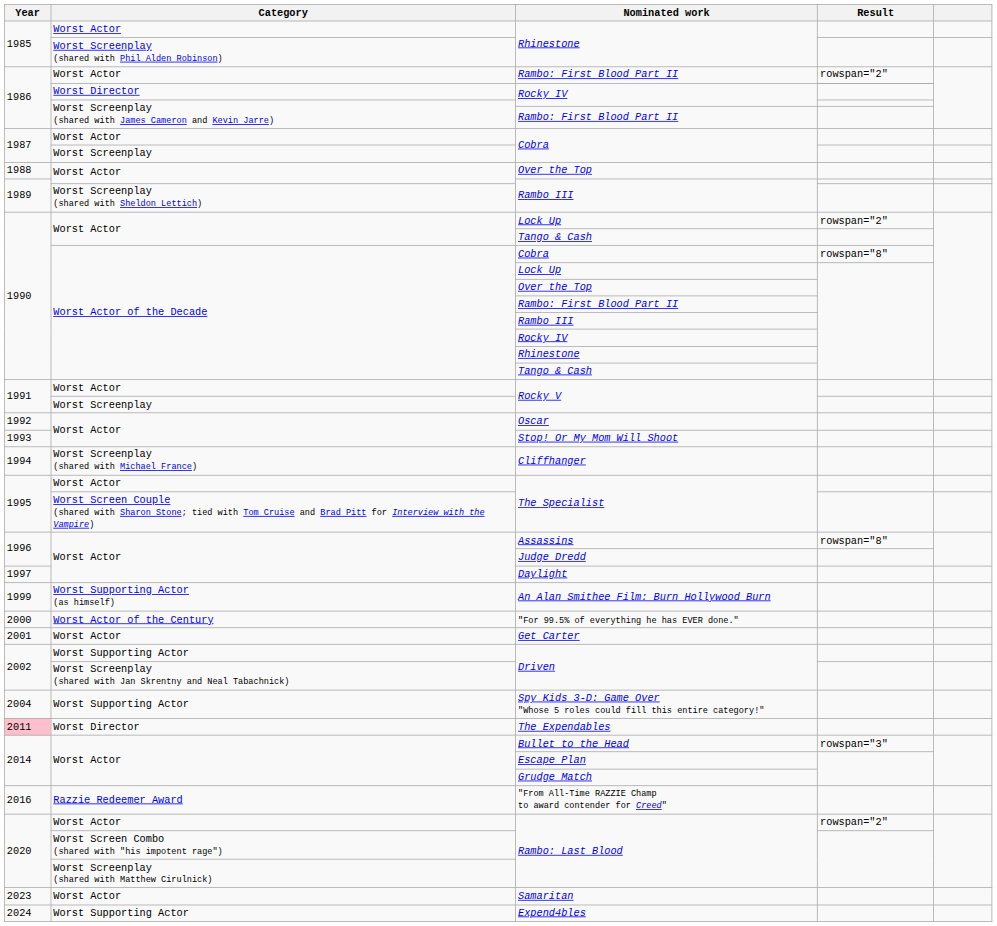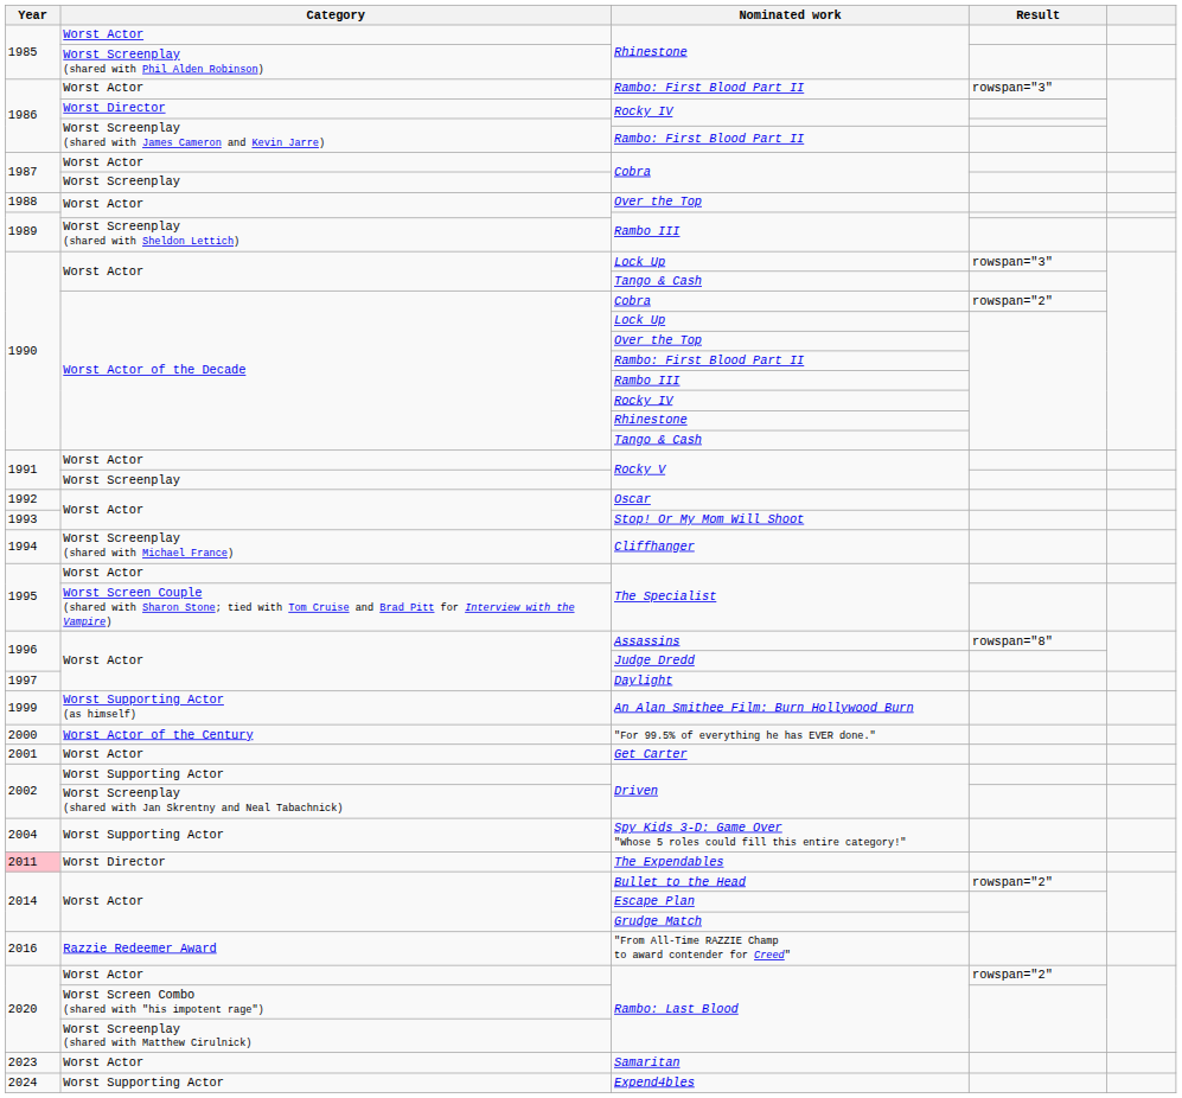 <table class=wikitable class="wikitable sortable">
 <tr>
 <th width=4%>Year</th>
 <th width=40%>Category</th>
 <th width=26%>Nominated work</th>
 <th width=10%>Result</th>
 <th width=5%></th>
 </tr>
 <tr>
 <td rowspan="2">1985</td>
 <td><a href='#'>Worst Actor</a></td>
 <td rowspan="2"><em><a href='#'>Rhinestone</a></em></td>
 <td></td>
 <td></td>
 </tr>
 <tr>
 <td><a href='#'>Worst Screenplay</a><br><small>(shared with <a href='#'>Phil Alden Robinson</a>)</small></td>
 <td></td>
 <td></td>
 </tr>
 <tr>
 <td rowspan="5">1986</td>
 <td rowspan="2">Worst Actor</td>
 <td><em><a href='#'>Rambo: First Blood Part II</a></em></td>
-<td>rowspan="2" </td>
+<td>rowspan="3" </td>
 <td rowspan="5"></td>
 </tr>
 <tr>
 <td rowspan="3"><em><a href='#'>Rocky IV</a></em></td>
 </tr>
 <tr>
 <td><a href='#'>Worst Director</a></td>
 <td></td>
 </tr>
 <tr>
 <td rowspan="2">Worst Screenplay<br><small>(shared with <a href='#'>James Cameron</a> and <a href='#'>Kevin Jarre</a>)</small></td>
 <td></td>
 </tr>
 <tr>
 <td><em><a href='#'>Rambo: First Blood Part II</a></em></td>
 <td></td>
 </tr>
 <tr>
 <td rowspan="2">1987</td>
 <td>Worst Actor</td>
 <td rowspan="2"><em><a href='#'>Cobra</a></em></td>
 <td></td>
 <td></td>
 </tr>
 <tr>
 <td>Worst Screenplay</td>
 <td></td>
 <td></td>
 </tr>
 <tr>
 <td>1988</td>
 <td rowspan="2">Worst Actor</td>
 <td><em><a href='#'>Over the Top</a></em></td>
 <td></td>
 <td></td>
 </tr>
 <tr>
 <td rowspan="2">1989</td>
 <td rowspan="2"><em><a href='#'>Rambo III</a></em></td>
 <td></td>
 <td></td>
 </tr>
 <tr>
 <td>Worst Screenplay<br><small>(shared with <a href='#'>Sheldon Lettich</a>)</small></td>
 <td></td>
 <td></td>
 </tr>
 <tr>
 <td rowspan="10">1990</td>
 <td rowspan="2">Worst Actor</td>
 <td><em><a href='#'>Lock Up</a></em></td>
-<td>rowspan="2" </td>
+<td>rowspan="3" </td>
 <td rowspan="10"></td>
 </tr>
 <tr>
 <td><em><a href='#'>Tango & Cash</a></em></td>
 </tr>
 <tr>
 <td rowspan="8"><a href='#'>Worst Actor of the Decade</a></td>
 <td><em><a href='#'>Cobra</a></em></td>
-<td>rowspan="8" </td>
+<td>rowspan="2" </td>
 </tr>
 <tr>
 <td><em><a href='#'>Lock Up</a></em></td>
 </tr>
 <tr>
 <td><em><a href='#'>Over the Top</a></em></td>
 </tr>
 <tr>
 <td><em><a href='#'>Rambo: First Blood Part II</a></em></td>
 </tr>
 <tr>
 <td><em><a href='#'>Rambo III</a></em></td>
 </tr>
 <tr>
 <td><em><a href='#'>Rocky IV</a></em></td>
 </tr>
 <tr>
 <td><em><a href='#'>Rhinestone</a></em></td>
 </tr>
 <tr>
 <td><em><a href='#'>Tango & Cash</a></em></td>
 </tr>
 <tr>
 <td rowspan="2">1991</td>
 <td>Worst Actor</td>
 <td rowspan="2"><em><a href='#'>Rocky V</a></em></td>
 <td></td>
 <td></td>
 </tr>
 <tr>
 <td>Worst Screenplay</td>
 <td></td>
 <td></td>
 </tr>
 <tr>
 <td>1992</td>
 <td rowspan="2">Worst Actor</td>
 <td><em><a href='#'>Oscar</a></em></td>
 <td></td>
 <td></td>
 </tr>
 <tr>
 <td>1993</td>
 <td><em><a href='#'>Stop! Or My Mom Will Shoot</a></em></td>
 <td></td>
 <td></td>
 </tr>
 <tr>
 <td>1994</td>
 <td>Worst Screenplay<br><small>(shared with <a href='#'>Michael France</a>)</small></td>
 <td><em><a href='#'>Cliffhanger</a></em></td>
 <td></td>
 <td></td>
 </tr>
 <tr>
 <td rowspan="2">1995</td>
 <td>Worst Actor</td>
 <td rowspan="2"><em><a href='#'>The Specialist</a></em></td>
 <td></td>
 <td></td>
 </tr>
 <tr>
 <td><a href='#'>Worst Screen Couple</a><br><small>(shared with <a href='#'>Sharon Stone</a>; tied with <a href='#'>Tom Cruise</a> and <a href='#'>Brad Pitt</a> for <em><a href='#'>Interview with the Vampire</a></em>)</small></td>
 <td></td>
 <td></td>
 </tr>
 <tr>
 <td rowspan="2">1996</td>
 <td rowspan="3">Worst Actor</td>
 <td><em><a href='#'>Assassins</a></em></td>
 <td>rowspan="8" </td>
 <td rowspan="2"></td>
 </tr>
 <tr>
 <td><em><a href='#'>Judge Dredd</a></em></td>
 </tr>
 <tr>
 <td>1997</td>
 <td><em><a href='#'>Daylight</a></em></td>
 <td></td>
 <td></td>
 </tr>
 <tr>
 <td>1999</td>
 <td><a href='#'>Worst Supporting Actor</a><br><small>(as himself)</small></td>
 <td><em><a href='#'>An Alan Smithee Film: Burn Hollywood Burn</a></em></td>
 <td></td>
 <td></td>
 </tr>
 <tr>
 <td>2000</td>
 <td><a href='#'>Worst Actor of the Century</a></td>
 <td><small>"For 99.5% of everything he has EVER done."</small></td>
 <td></td>
 <td></td>
 </tr>
 <tr>
 <td>2001</td>
 <td>Worst Actor</td>
 <td><em><a href='#'>Get Carter</a></em></td>
 <td></td>
 <td></td>
 </tr>
 <tr>
 <td rowspan="2">2002</td>
 <td>Worst Supporting Actor</td>
 <td rowspan="2"><em><a href='#'>Driven</a></em></td>
 <td></td>
 <td></td>
 </tr>
 <tr>
 <td>Worst Screenplay<br><small>(shared with Jan Skrentny and Neal Tabachnick)</small></td>
 <td></td>
 <td></td>
 </tr>
 <tr>
 <td>2004</td>
 <td>Worst Supporting Actor</td>
 <td><em><a href='#'>Spy Kids 3-D: Game Over</a></em><br><small>"Whose 5 roles could fill this entire category!"</small></td>
 <td></td>
 <td></td>
 </tr>
 <tr>
 <td style="background: pink;">2011</td>
 <td>Worst Director</td>
 <td><em><a href='#'>The Expendables</a></em></td>
 <td></td>
 <td></td>
 </tr>
 <tr>
 <td rowspan="3">2014</td>
 <td rowspan="3">Worst Actor</td>
 <td><em><a href='#'>Bullet to the Head</a></em></td>
-<td>rowspan="3" </td>
+<td>rowspan="2" </td>
 <td rowspan="3"></td>
 </tr>
 <tr>
 <td><em><a href='#'>Escape Plan</a></em></td>
 </tr>
 <tr>
 <td><em><a href='#'>Grudge Match</a></em></td>
 </tr>
 <tr>
 <td>2016</td>
 <td><a href='#'>Razzie Redeemer Award</a></td>
 <td><small>"From All-Time RAZZIE Champ<br>to award contender for <em><a href='#'>Creed</a></em>"</small></td>
 <td></td>
 <td></td>
 </tr>
 <tr>
 <td rowspan="3">2020</td>
 <td>Worst Actor</td>
 <td rowspan="3"><em><a href='#'>Rambo: Last Blood</a></em></td>
 <td>rowspan="2" </td>
 <td rowspan="3"></td>
 </tr>
 <tr>
 <td>Worst Screen Combo<br><small>(shared with "his impotent rage")</small></td>
 </tr>
 <tr>
 <td>Worst Screenplay<br><small>(shared with Matthew Cirulnick)</small></td>
 </tr>
 <tr>
 <td>2023</td>
 <td>Worst Actor</td>
 <td><em><a href='#'>Samaritan</a></em></td>
 <td></td>
 <td></td>
 </tr>
 <tr>
 <td>2024</td>
 <td>Worst Supporting Actor</td>
 <td><em><a href='#'>Expend4bles</a></em></td>
 <td></td>
 <td></td>
 </tr>
 </table>
